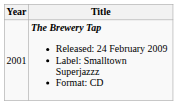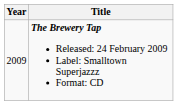 <table class="wikitable">
 <tr>
 <th>Year</th>
 <th style="width:225px;">Title</th>
 </tr>
 <tr>
-<td>2001</td>
+<td>2009</td>
 <td><strong><em>The Brewery Tap</em></strong><br><ul><li>Released: 24 February 2009</li><li>Label: Smalltown Superjazzz </li><li>Format: CD</li></ul></td>
 </tr>
 </table>
